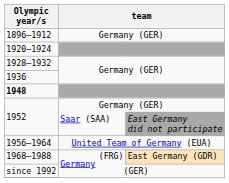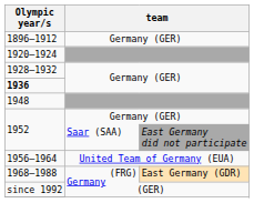 <table class = wikitable style = text-align:left;font-size:90%>
 <tr>
 <th>Olympic<br>year/s</th>
 <th colspan = 5>team</th>
 </tr>
 <tr>
 <td>1896–1912</td>
 <td colspan = 2 style = "text-align:right; border-style: none none none none"></td>
 <td colspan = 2 style = "border-style: none none none none">Germany (GER)</td>
 </tr>
 <tr>
 <td>1920–1924</td>
 <td colspan = 4 style = text-align:center;background:darkgray></td>
 </tr>
 <tr>
 <td>1928–1932</td>
 <td colspan = 2 style = "text-align:right; border-style: none none none none"></td>
 <td colspan = 2 rowspan = 2 style = "border-style: none none none none">Germany (GER)</td>
 </tr>
 <tr>
-<td>1936</td>
+<td><strong>1936</strong></td>
 <td colspan = 2 style = "text-align:right; border-style: none none none none"></td>
 </tr>
 <tr>
-<td><strong>1948</strong></td>
+<td>1948</td>
 <td colspan = 4 style = text-align:center;background:darkgray></td>
 </tr>
 <tr>
 <td rowspan = 2>1952</td>
 <td colspan = 2 style = "text-align:right; border-style: none none none none"></td>
 <td colspan = 2 style = "border-style: none none none none">Germany (GER)</td>
 </tr>
 <tr>
 <td colspan = 3 style = "border-style: none none none none"> <a href='#'>Saar</a> (SAA)<br><br></td>
 <td style = background:darkgray> <em>East Germany<br>did not participate</em></td>
 </tr>
 <tr>
 <td>1956–1964</td>
 <td colspan = 4 style = text-align:center> <a href='#'>United Team of Germany</a> (EUA)</td>
 </tr>
 <tr>
 <td>1968–1988</td>
 <td colspan = 2 rowspan = 2 style = "border-style: none none none none"> <a href='#'>Germany</a></td>
 <td style = "border-style: none none none none">(FRG)</td>
 <td style = background:moccasin> East Germany (GDR)</td>
 </tr>
 <tr>
 <td>since 1992</td>
 <td colspan = 2 style = "border-style: none none none none">     (GER)</td>
 </tr>
 <tr>
 </tr>
 </table>
